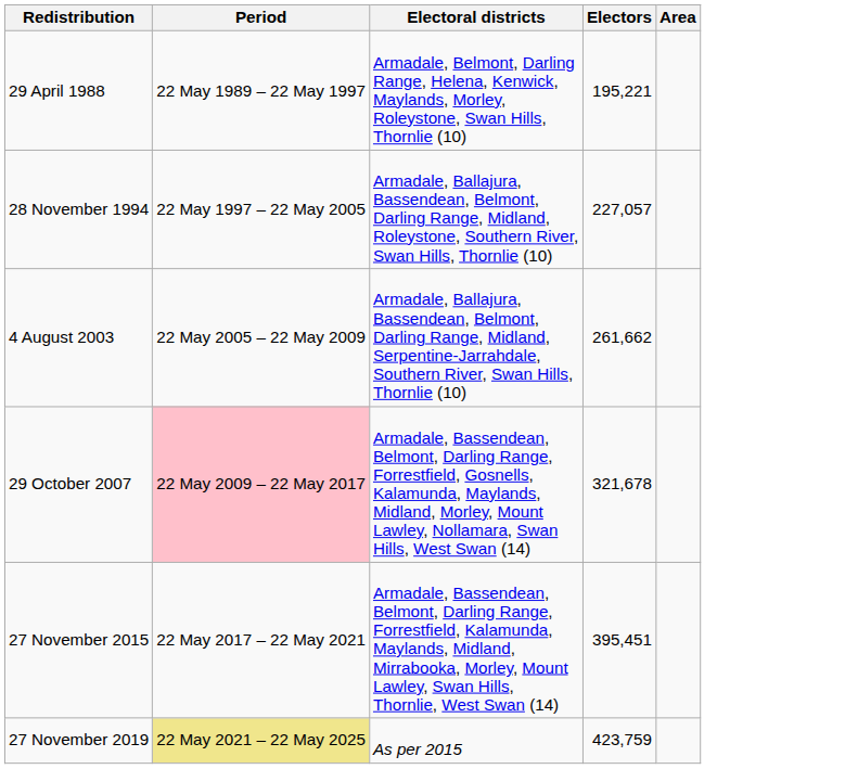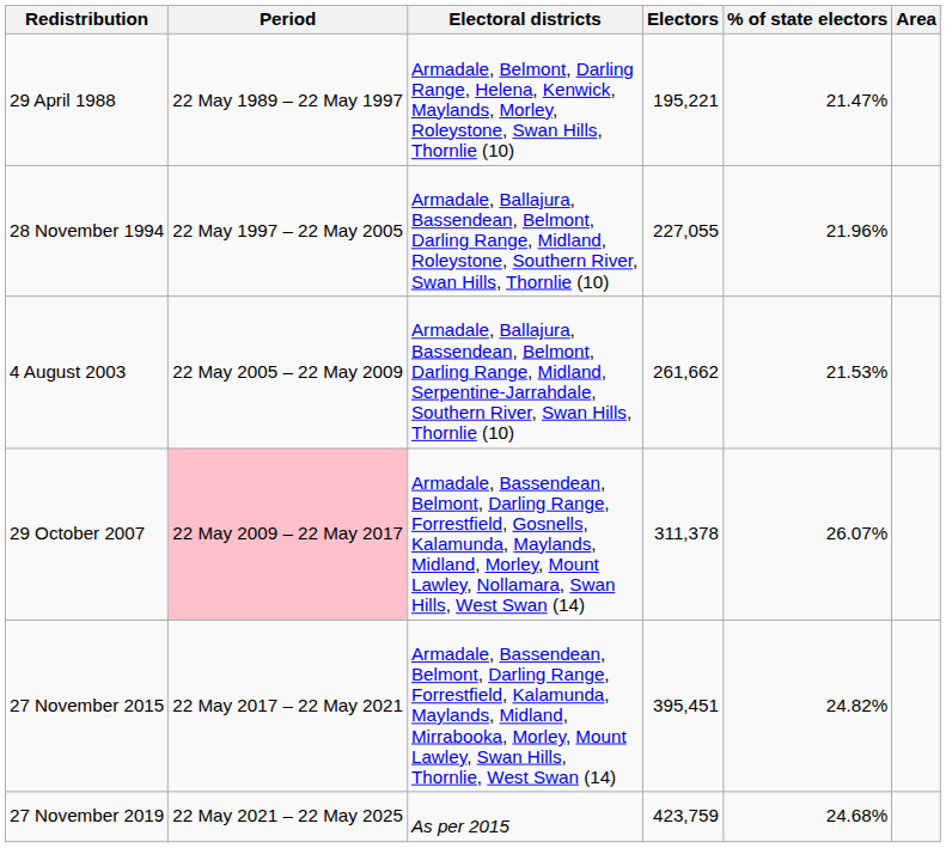 <table class="wikitable">
 <tr>
 <th>Redistribution</th>
 <th>Period</th>
 <th>Electoral districts</th>
 <th>Electors</th>
+<th>% of state electors</th>
 <th>Area</th>
 </tr>
 <tr>
 <td>29 April 1988</td>
 <td>22 May 1989 – 22 May 1997</td>
 <td width = 200><br><a href='#'>Armadale</a>,  <a href='#'>Belmont</a>,  <a href='#'>Darling Range</a>,  <a href='#'>Helena</a>,  <a href='#'>Kenwick</a>,  <a href='#'>Maylands</a>,  <a href='#'>Morley</a>,  <a href='#'>Roleystone</a>,  <a href='#'>Swan Hills</a>,  <a href='#'>Thornlie</a> (10)</td>
 <td align=right>195,221</td>
+<td align=right>21.47%</td>
 <td align=right></td>
 </tr>
 <tr>
 <td>28 November 1994</td>
 <td>22 May 1997 – 22 May 2005</td>
 <td width = 200><br><a href='#'>Armadale</a>,  <a href='#'>Ballajura</a>,  <a href='#'>Bassendean</a>,  <a href='#'>Belmont</a>,  <a href='#'>Darling Range</a>,  <a href='#'>Midland</a>,  <a href='#'>Roleystone</a>,  <a href='#'>Southern River</a>,  <a href='#'>Swan Hills</a>,  <a href='#'>Thornlie</a> (10)</td>
-<td align=right>227,057</td>
+<td align=right>227,055</td>
+<td align=right>21.96%</td>
 <td align=right></td>
 </tr>
 <tr>
 <td>4 August 2003</td>
 <td>22 May 2005 – 22 May 2009</td>
 <td width = 200><br><a href='#'>Armadale</a>,  <a href='#'>Ballajura</a>,  <a href='#'>Bassendean</a>,  <a href='#'>Belmont</a>,  <a href='#'>Darling Range</a>,  <a href='#'>Midland</a>,  <a href='#'>Serpentine-Jarrahdale</a>,  <a href='#'>Southern River</a>,  <a href='#'>Swan Hills</a>,  <a href='#'>Thornlie</a> (10)</td>
 <td align=right>261,662</td>
+<td align=right>21.53%</td>
 <td align=right></td>
 </tr>
 <tr>
 <td>29 October 2007</td>
 <td style="background: pink;">22 May 2009 – 22 May 2017</td>
 <td width = 200><br><a href='#'>Armadale</a>,  <a href='#'>Bassendean</a>,  <a href='#'>Belmont</a>,  <a href='#'>Darling Range</a>,  <a href='#'>Forrestfield</a>,  <a href='#'>Gosnells</a>,  <a href='#'>Kalamunda</a>,  <a href='#'>Maylands</a>,  <a href='#'>Midland</a>,  <a href='#'>Morley</a>,  <a href='#'>Mount Lawley</a>,  <a href='#'>Nollamara</a>,  <a href='#'>Swan Hills</a>,  <a href='#'>West Swan</a> (14)</td>
-<td align=right>321,678</td>
+<td align=right>311,378</td>
+<td align=right>26.07%</td>
 <td align=right></td>
 </tr>
 <tr>
 <td>27 November 2015</td>
 <td>22 May 2017 – 22 May 2021</td>
 <td width = 200><br><a href='#'>Armadale</a>,  <a href='#'>Bassendean</a>,  <a href='#'>Belmont</a>,  <a href='#'>Darling Range</a>,  <a href='#'>Forrestfield</a>,  <a href='#'>Kalamunda</a>,  <a href='#'>Maylands</a>,  <a href='#'>Midland</a>,  <a href='#'>Mirrabooka</a>,  <a href='#'>Morley</a>,  <a href='#'>Mount Lawley</a>,  <a href='#'>Swan Hills</a>,  <a href='#'>Thornlie</a>,  <a href='#'>West Swan</a> (14)</td>
 <td align=right>395,451</td>
+<td align=right>24.82%</td>
 <td align=right></td>
 </tr>
 <tr>
 <td>27 November 2019</td>
-<td style="background: khaki;">22 May 2021 – 22 May 2025</td>
+<td>22 May 2021 – 22 May 2025</td>
 <td width = 200><br><em>As per 2015</em></td>
 <td align=right>423,759</td>
+<td align=right>24.68%</td>
 <td align=right></td>
 </tr>
 </table>
